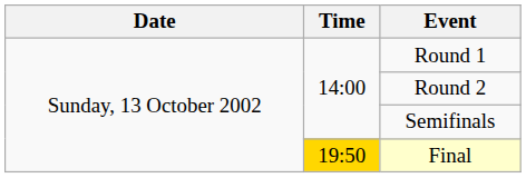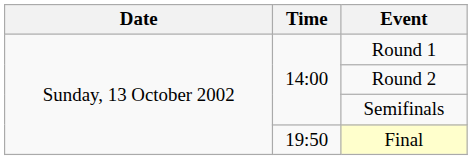 <table class = "wikitable" style="text-align:center;">
 <tr>
 <th width=220>Date</th>
 <th width=50>Time</th>
 <th width=100>Event</th>
 </tr>
 <tr>
 <td rowspan=4>Sunday, 13 October 2002</td>
 <td rowspan=3>14:00</td>
 <td>Round 1</td>
 </tr>
 <tr>
 <td>Round 2</td>
 </tr>
 <tr>
 <td>Semifinals</td>
 </tr>
 <tr>
-<td style="background: gold;">19:50</td>
+<td>19:50</td>
 <td bgcolor=ffffcc>Final</td>
 </tr>
 </table>
